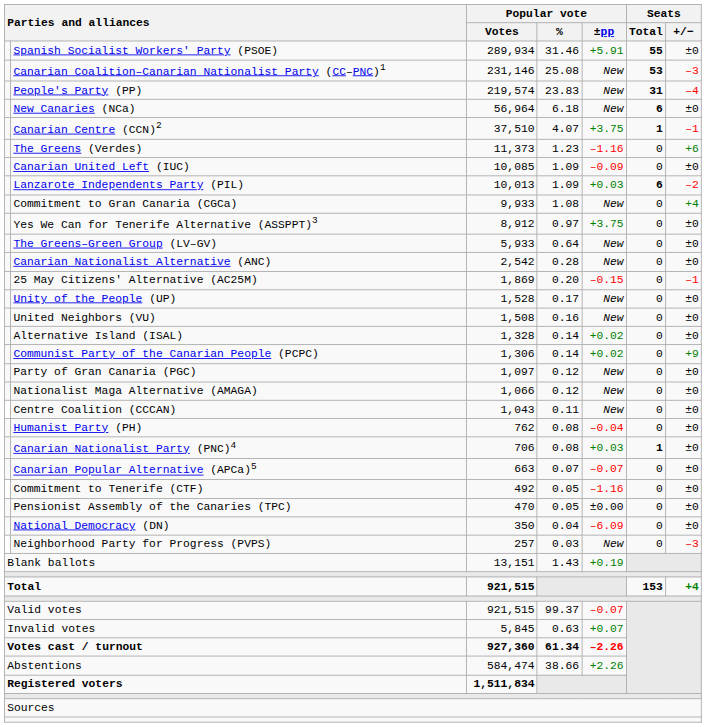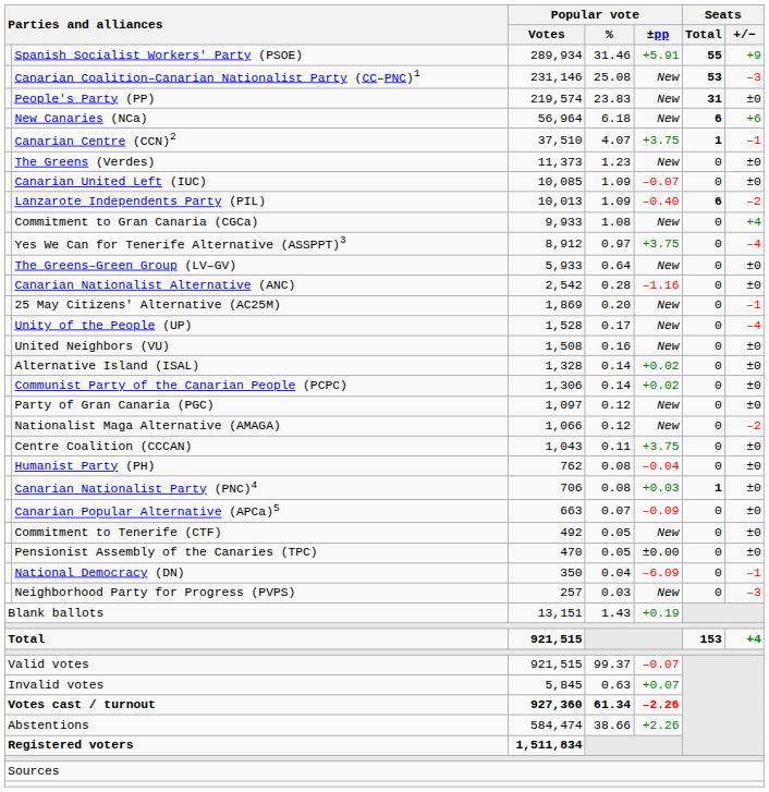 <table class="wikitable" style="text-align:right;">
 <tr>
 <th style="text-align:left;" rowspan="2" colspan="2" width="525">Parties and alliances</th>
 <th colspan="3">Popular vote</th>
 <th colspan="2">Seats</th>
 </tr>
 <tr>
 <th width="75">Votes</th>
 <th width="45">%</th>
 <th width="45">±<a href='#'>pp</a></th>
 <th width="35">Total</th>
 <th width="35">+/−</th>
 </tr>
 <tr>
 <td width="1" style="color:inherit;background:"></td>
 <td align="left"><a href='#'>Spanish Socialist Workers' Party</a> (PSOE)</td>
 <td>289,934</td>
 <td>31.46</td>
 <td style="color:green;">+5.91</td>
 <td><strong>55</strong></td>
-<td>±0</td>
+<td style="color:green;">+9</td>
 </tr>
 <tr>
 <td style="color:inherit;background:"></td>
 <td align="left"><a href='#'>Canarian Coalition–Canarian Nationalist Party</a> (<a href='#'>CC</a>–<a href='#'>PNC</a>)<sup>1</sup></td>
 <td>231,146</td>
 <td>25.08</td>
 <td><em>New</em></td>
 <td><strong>53</strong></td>
 <td style="color:red;">–3</td>
 </tr>
 <tr>
 <td style="color:inherit;background:"></td>
 <td align="left"><a href='#'>People's Party</a> (PP)</td>
 <td>219,574</td>
 <td>23.83</td>
 <td><em>New</em></td>
 <td><strong>31</strong></td>
-<td style="color:red;">–4</td>
+<td>±0</td>
 </tr>
 <tr>
 <td style="color:inherit;background:"></td>
 <td align="left"><a href='#'>New Canaries</a> (NCa)</td>
 <td>56,964</td>
 <td>6.18</td>
 <td><em>New</em></td>
 <td><strong>6</strong></td>
-<td>±0</td>
+<td style="color:green;">+6</td>
 </tr>
 <tr>
 <td style="color:inherit;background:"></td>
 <td align="left"><a href='#'>Canarian Centre</a> (CCN)<sup>2</sup></td>
 <td>37,510</td>
 <td>4.07</td>
 <td style="color:green;">+3.75</td>
 <td><strong>1</strong></td>
 <td style="color:red;">–1</td>
 </tr>
 <tr>
 <td style="color:inherit;background:"></td>
 <td align="left"><a href='#'>The Greens</a> (Verdes)</td>
 <td>11,373</td>
 <td>1.23</td>
-<td style="color:red;">–1.16</td>
+<td><em>New</em></td>
 <td>0</td>
-<td style="color:green;">+6</td>
+<td>±0</td>
 </tr>
 <tr>
 <td style="color:inherit;background:"></td>
 <td align="left"><a href='#'>Canarian United Left</a> (IUC)</td>
 <td>10,085</td>
 <td>1.09</td>
-<td style="color:red;">–0.09</td>
+<td style="color:red;">–0.07</td>
 <td>0</td>
 <td>±0</td>
 </tr>
 <tr>
 <td style="color:inherit;background:"></td>
 <td align="left"><a href='#'>Lanzarote Independents Party</a> (PIL)</td>
 <td>10,013</td>
 <td>1.09</td>
-<td style="color:green;">+0.03</td>
+<td style="color:red;">–0.40</td>
 <td><strong>6</strong></td>
 <td style="color:red;">–2</td>
 </tr>
 <tr>
 <td style="color:inherit;background:"></td>
 <td align="left">Commitment to Gran Canaria (CGCa)</td>
 <td>9,933</td>
 <td>1.08</td>
 <td><em>New</em></td>
 <td>0</td>
 <td style="color:green;">+4</td>
 </tr>
 <tr>
 <td style="color:inherit;background:"></td>
 <td align="left">Yes We Can for Tenerife Alternative (ASSPPT)<sup>3</sup></td>
 <td>8,912</td>
 <td>0.97</td>
 <td style="color:green;">+3.75</td>
 <td>0</td>
-<td>±0</td>
+<td style="color:red;">–4</td>
 </tr>
 <tr>
 <td style="color:inherit;background:"></td>
 <td align="left"><a href='#'>The Greens–Green Group</a> (LV–GV)</td>
 <td>5,933</td>
 <td>0.64</td>
 <td><em>New</em></td>
 <td>0</td>
 <td>±0</td>
 </tr>
 <tr>
 <td style="color:inherit;background:"></td>
 <td align="left"><a href='#'>Canarian Nationalist Alternative</a> (ANC)</td>
 <td>2,542</td>
 <td>0.28</td>
-<td><em>New</em></td>
+<td style="color:red;">–1.16</td>
 <td>0</td>
 <td>±0</td>
 </tr>
 <tr>
 <td style="color:inherit;background:"></td>
 <td align="left">25 May Citizens' Alternative (AC25M)</td>
 <td>1,869</td>
 <td>0.20</td>
-<td style="color:red;">–0.15</td>
+<td><em>New</em></td>
 <td>0</td>
 <td style="color:red;">–1</td>
 </tr>
 <tr>
 <td style="color:inherit;background:"></td>
 <td align="left"><a href='#'>Unity of the People</a> (UP)</td>
 <td>1,528</td>
 <td>0.17</td>
 <td><em>New</em></td>
 <td>0</td>
-<td>±0</td>
+<td style="color:red;">–4</td>
 </tr>
 <tr>
 <td style="color:inherit;background:"></td>
 <td align="left">United Neighbors (VU)</td>
 <td>1,508</td>
 <td>0.16</td>
 <td><em>New</em></td>
 <td>0</td>
 <td>±0</td>
 </tr>
 <tr>
 <td style="color:inherit;background:"></td>
 <td align="left">Alternative Island (ISAL)</td>
 <td>1,328</td>
 <td>0.14</td>
 <td style="color:green;">+0.02</td>
 <td>0</td>
 <td>±0</td>
 </tr>
 <tr>
 <td style="color:inherit;background:"></td>
 <td align="left"><a href='#'>Communist Party of the Canarian People</a> (PCPC)</td>
 <td>1,306</td>
 <td>0.14</td>
 <td style="color:green;">+0.02</td>
 <td>0</td>
-<td style="color:green;">+9</td>
+<td>±0</td>
 </tr>
 <tr>
 <td style="color:inherit;background:"></td>
 <td align="left">Party of Gran Canaria (PGC)</td>
 <td>1,097</td>
 <td>0.12</td>
 <td><em>New</em></td>
 <td>0</td>
 <td>±0</td>
 </tr>
 <tr>
 <td style="color:inherit;background:"></td>
 <td align="left">Nationalist Maga Alternative (AMAGA)</td>
 <td>1,066</td>
 <td>0.12</td>
 <td><em>New</em></td>
 <td>0</td>
-<td>±0</td>
+<td style="color:red;">–2</td>
 </tr>
 <tr>
 <td bgcolor="white"></td>
 <td align="left">Centre Coalition (CCCAN)</td>
 <td>1,043</td>
 <td>0.11</td>
-<td><em>New</em></td>
+<td style="color:green;">+3.75</td>
 <td>0</td>
 <td>±0</td>
 </tr>
 <tr>
 <td style="color:inherit;background:"></td>
 <td align="left"><a href='#'>Humanist Party</a> (PH)</td>
 <td>762</td>
 <td>0.08</td>
 <td style="color:red;">–0.04</td>
 <td>0</td>
 <td>±0</td>
 </tr>
 <tr>
 <td style="color:inherit;background:"></td>
 <td align="left"><a href='#'>Canarian Nationalist Party</a> (PNC)<sup>4</sup></td>
 <td>706</td>
 <td>0.08</td>
 <td style="color:green;">+0.03</td>
 <td><strong>1</strong></td>
 <td>±0</td>
 </tr>
 <tr>
 <td style="color:inherit;background:"></td>
 <td align="left"><a href='#'>Canarian Popular Alternative</a> (APCa)<sup>5</sup></td>
 <td>663</td>
 <td>0.07</td>
-<td style="color:red;">–0.07</td>
+<td style="color:red;">–0.09</td>
 <td>0</td>
 <td>±0</td>
 </tr>
 <tr>
 <td bgcolor="white"></td>
 <td align="left">Commitment to Tenerife (CTF)</td>
 <td>492</td>
 <td>0.05</td>
-<td style="color:red;">–1.16</td>
+<td><em>New</em></td>
 <td>0</td>
 <td>±0</td>
 </tr>
 <tr>
 <td style="color:inherit;background:"></td>
 <td align="left">Pensionist Assembly of the Canaries (TPC)</td>
 <td>470</td>
 <td>0.05</td>
 <td>±0.00</td>
 <td>0</td>
 <td>±0</td>
 </tr>
 <tr>
 <td style="color:inherit;background:"></td>
 <td align="left"><a href='#'>National Democracy</a> (DN)</td>
 <td>350</td>
 <td>0.04</td>
 <td style="color:red;">–6.09</td>
 <td>0</td>
-<td>±0</td>
+<td style="color:red;">–1</td>
 </tr>
 <tr>
 <td bgcolor="white"></td>
 <td align="left">Neighborhood Party for Progress (PVPS)</td>
 <td>257</td>
 <td>0.03</td>
 <td><em>New</em></td>
 <td>0</td>
 <td style="color:red;">–3</td>
 </tr>
 <tr>
 <td align="left" colspan="2">Blank ballots</td>
 <td>13,151</td>
 <td>1.43</td>
 <td style="color:green;">+0.19</td>
 <td bgcolor="#E9E9E9" colspan="2"></td>
 </tr>
 <tr>
 <td colspan="7" bgcolor="#E9E9E9"></td>
 </tr>
 <tr style="font-weight:bold;">
 <td align="left" colspan="2">Total</td>
 <td>921,515</td>
 <td bgcolor="#E9E9E9" colspan="2"></td>
 <td>153</td>
 <td style="color:green;">+4</td>
 </tr>
 <tr>
 <td colspan="7" bgcolor="#E9E9E9"></td>
 </tr>
 <tr>
 <td align="left" colspan="2">Valid votes</td>
 <td>921,515</td>
 <td>99.37</td>
 <td style="color:red;">–0.07</td>
 <td bgcolor="#E9E9E9" colspan="2" rowspan="5"></td>
 </tr>
 <tr>
 <td align="left" colspan="2">Invalid votes</td>
 <td>5,845</td>
 <td>0.63</td>
 <td style="color:green;">+0.07</td>
 </tr>
 <tr style="font-weight:bold;">
 <td align="left" colspan="2">Votes cast / turnout</td>
 <td>927,360</td>
 <td>61.34</td>
 <td style="color:red;">–2.26</td>
 </tr>
 <tr>
 <td align="left" colspan="2">Abstentions</td>
 <td>584,474</td>
 <td>38.66</td>
 <td style="color:green;">+2.26</td>
 </tr>
 <tr style="font-weight:bold;">
 <td align="left" colspan="2">Registered voters</td>
 <td>1,511,834</td>
 <td bgcolor="#E9E9E9" colspan="2"></td>
 </tr>
 <tr>
 <td colspan="7" bgcolor="#E9E9E9"></td>
 </tr>
 <tr>
 <td align="left" colspan="7">Sources</td>
 </tr>
 <tr>
 <td colspan="7" style="text-align:left; max-width:790px;"></td>
 </tr>
 </table>
